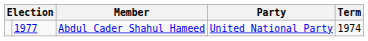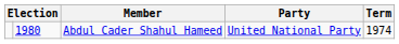 <table class="wikitable">
 <tr>
 <th colspan="2">Election</th>
 <th>Member</th>
 <th>Party</th>
 <th>Term</th>
 </tr>
 <tr>
 <td style="background-color: "></td>
-<td><a href='#'>1977</a></td>
+<td><a href='#'>1980</a></td>
 <td><a href='#'>Abdul Cader Shahul Hameed</a></td>
 <td><a href='#'>United National Party</a></td>
 <td>1974</td>
 </tr>
 </table>
